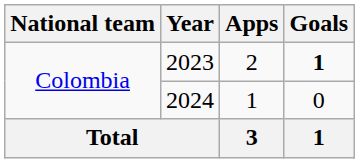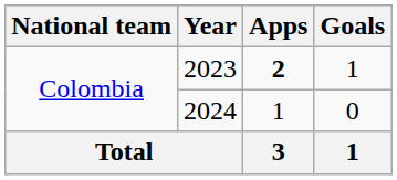 <table class=wikitable style=text-align:center>
 <tr>
 <th>National team</th>
 <th>Year</th>
 <th>Apps</th>
 <th>Goals</th>
 </tr>
 <tr>
 <td rowspan="2"><a href='#'>Colombia</a></td>
 <td>2023</td>
-<td>2</td>
-<td><strong>1</strong></td>
+<td><strong>2</strong></td>
+<td>1</td>
 </tr>
 <tr>
 <td>2024</td>
 <td>1</td>
 <td>0</td>
 </tr>
 <tr>
 <th colspan=2>Total</th>
 <th>3</th>
 <th>1</th>
 </tr>
 </table>
